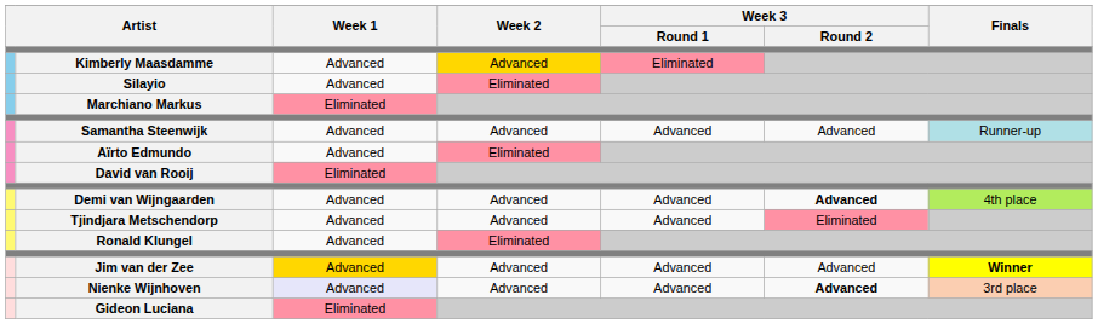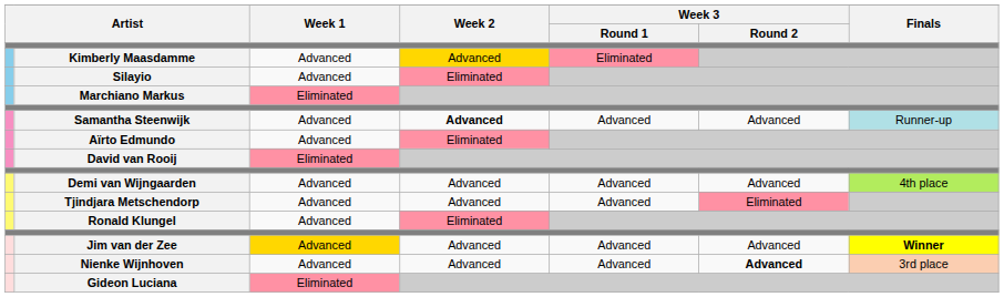 <table class="wikitable"  style="text-align:center; font-size:95%; width:100%;">
 <tr>
 </tr>
 <tr>
 <th style="width:18%"  rowspan="2" colspan="2" scope="col">Artist</th>
 <th style="width:11%"  rowspan="2" colspan="1" scope="col">Week 1</th>
 <th style="width:11%"  rowspan="2" colspan="1" scope="col">Week 2</th>
 <th style="width:22%" colspan="2" scope="col">Week 3</th>
 <th style="width:11%"  rowspan="2" colspan="1" scope="col">Finals</th>
 </tr>
 <tr>
 <th style="width:11%">Round 1</th>
 <th style="width:11%">Round 2</th>
 </tr>
 <tr>
 </tr>
 <tr>
 <th colspan="7" style="background:grey;"></th>
 </tr>
 <tr>
 <th style="background:#87ceeb;"></th>
 <th>Kimberly Maasdamme</th>
 <td>Advanced</td>
 <td style="background:gold">Advanced</td>
 <td style="background:#FF91A4;">Eliminated</td>
 <td colspan="3" style="background:#ccc;"></td>
 </tr>
 <tr>
 <th style="background:#87ceeb;"></th>
 <th>Silayio</th>
 <td>Advanced</td>
 <td style="background:#FF91A4;">Eliminated</td>
 <td colspan="3" style="background:#ccc;"></td>
 </tr>
 <tr>
 <th style="background:#87ceeb;"></th>
 <th>Marchiano Markus</th>
 <td style="background:#FF91A4;">Eliminated</td>
 <td colspan="4" style="background:#ccc;"></td>
 </tr>
 <tr>
 <th colspan="7" style="background:grey;"></th>
 </tr>
 <tr>
 <th style="background:#F78FC2;"></th>
 <th>Samantha Steenwijk</th>
 <td>Advanced</td>
-<td>Advanced</td>
+<td><strong>Advanced</strong></td>
 <td>Advanced</td>
 <td>Advanced</td>
 <td style="background:#B0E0E6">Runner-up</td>
 </tr>
 <tr>
 <th style="background:#F78FC2;"></th>
 <th>Aïrto Edmundo</th>
 <td>Advanced</td>
 <td style="background:#FF91A4;">Eliminated</td>
 <td colspan="4" style="background:#ccc;"></td>
 </tr>
 <tr>
 <th style="background:#F78FC2;"></th>
 <th>David van Rooij</th>
 <td style="background:#FF91A4;">Eliminated</td>
 <td colspan="4" style="background:#ccc;"></td>
 </tr>
 <tr>
 <th colspan="7" style="background:grey;"></th>
 </tr>
 <tr>
 <th style="background:#fffa73;"></th>
 <th>Demi van Wijngaarden</th>
 <td>Advanced</td>
 <td>Advanced</td>
 <td>Advanced</td>
-<td><strong>Advanced</strong></td>
+<td>Advanced</td>
 <td style="background:#B2EC5D">4th place</td>
 </tr>
 <tr>
 <th style="background:#fffa73;"></th>
 <th>Tjindjara Metschendorp</th>
 <td>Advanced</td>
 <td>Advanced</td>
 <td>Advanced</td>
 <td style="background:#FF91A4;">Eliminated</td>
 <td colspan="3" style="background:#ccc;"></td>
 </tr>
 <tr>
 <th style="background:#fffa73;"></th>
 <th>Ronald Klungel</th>
 <td>Advanced</td>
 <td style="background:#FF91A4;">Eliminated</td>
 <td colspan="3" style="background:#ccc;"></td>
 </tr>
 <tr>
 <th colspan="7" style="background:grey;"></th>
 </tr>
 <tr>
 <th style="background:#ffdddd;"></th>
 <th>Jim van der Zee</th>
 <td style="background:gold">Advanced</td>
 <td>Advanced</td>
 <td>Advanced</td>
 <td>Advanced</td>
 <td style="background:yellow"><strong>Winner</strong></td>
 </tr>
 <tr>
 <th style="background:#ffdddd;"></th>
 <th>Nienke Wijnhoven</th>
-<td style="background: lavender;">Advanced</td>
+<td>Advanced</td>
 <td>Advanced</td>
 <td>Advanced</td>
 <td><strong>Advanced</strong></td>
 <td style="background:#FBCEB1">3rd place</td>
 </tr>
 <tr>
 <th style="background:#ffdddd;"></th>
 <th>Gideon Luciana</th>
 <td style="background:#FF91A4;">Eliminated</td>
 <td colspan="4" style="background:#ccc;"></td>
 </tr>
 </table>
